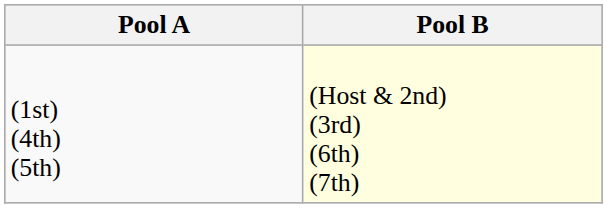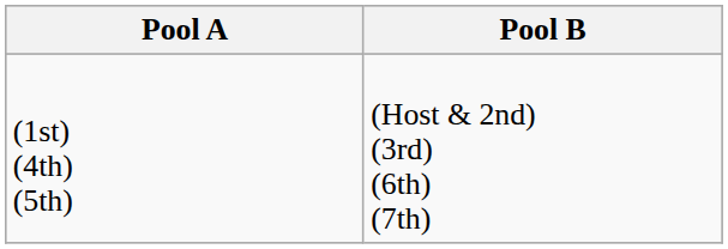 <table class="wikitable">
 <tr>
 <th width=25%>Pool A</th>
 <th width=25%>Pool B</th>
 </tr>
 <tr>
 <td><br> (1st)<br>  (4th)<br>  (5th)<br> </td>
-<td style="background: lightyellow;"><br> (Host & 2nd)<br>  (3rd)<br>  (6th)<br>  (7th)</td>
+<td><br> (Host & 2nd)<br>  (3rd)<br>  (6th)<br>  (7th)</td>
 </tr>
 </table>
